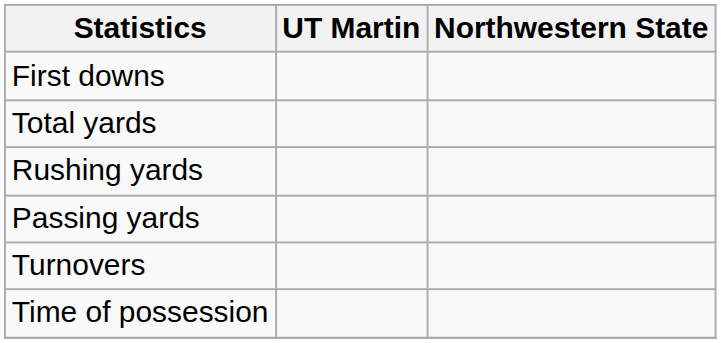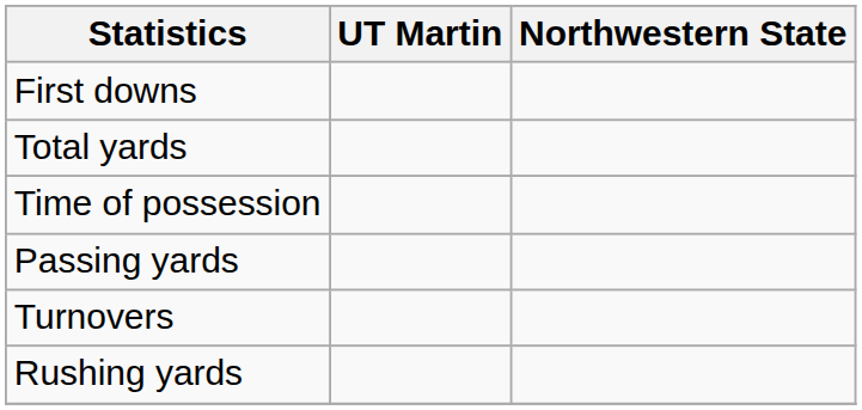 <table class="wikitable">
 <tr>
 <th>Statistics</th>
 <th>UT Martin</th>
 <th>Northwestern State</th>
 </tr>
 <tr>
 <td>First downs</td>
 <td> </td>
 <td> </td>
 </tr>
 <tr>
 <td>Total yards</td>
 <td> </td>
 <td> </td>
 </tr>
 <tr>
-<td>Rushing yards</td>
+<td>Time of possession</td>
 <td> </td>
 <td> </td>
 </tr>
 <tr>
 <td>Passing yards</td>
 <td> </td>
 <td> </td>
 </tr>
 <tr>
 <td>Turnovers</td>
 <td> </td>
 <td> </td>
 </tr>
 <tr>
-<td>Time of possession</td>
+<td>Rushing yards</td>
 <td> </td>
 <td> </td>
 </tr>
 <tr>
 </tr>
 </table>
